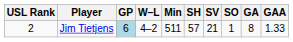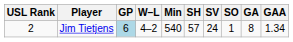 <table class="wikitable">
 <tr>
 <th>USL Rank</th>
 <th>Player</th>
 <th>GP</th>
 <th>W–L</th>
 <th>Min</th>
 <th>SH</th>
 <th>SV</th>
 <th>SO</th>
 <th>GA</th>
 <th>GAA</th>
 </tr>
 <tr>
 <td style="text-align:center">2</td>
 <td><a href='#'>Jim Tietjens</a></td>
 <td align=center style="background: lightblue;">6</td>
 <td align=center>4–2</td>
-<td align=center>511</td>
+<td align=center>540</td>
 <td align=center>57</td>
-<td align=center>21</td>
+<td align=center>24</td>
 <td align=center>1</td>
 <td align=center>8</td>
-<td align=center>1.33</td>
+<td align=center>1.34</td>
 </tr>
 </table>
